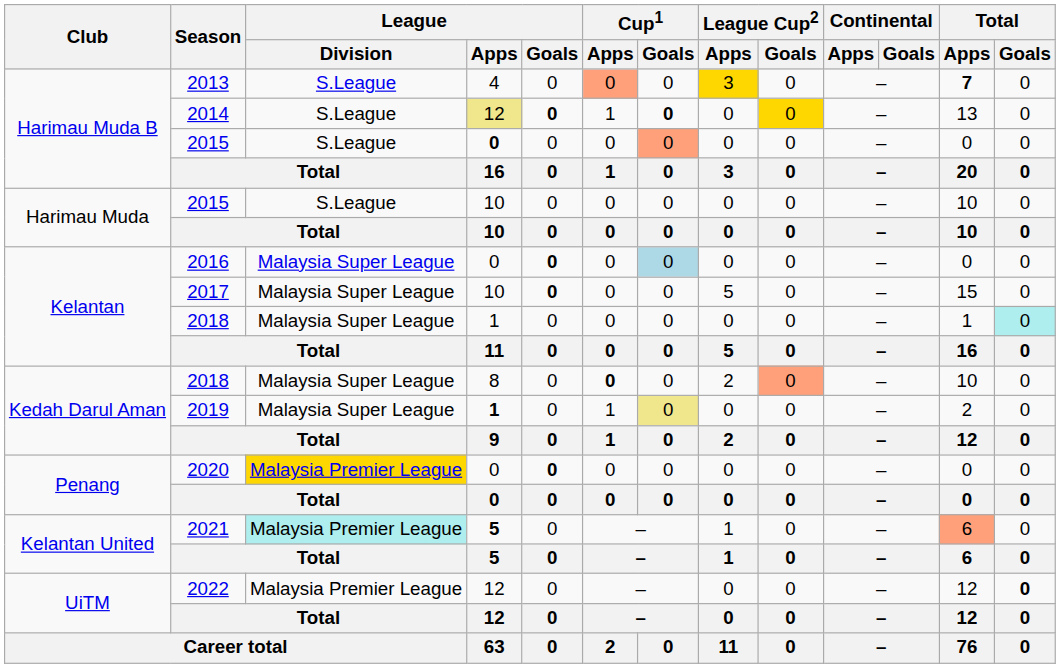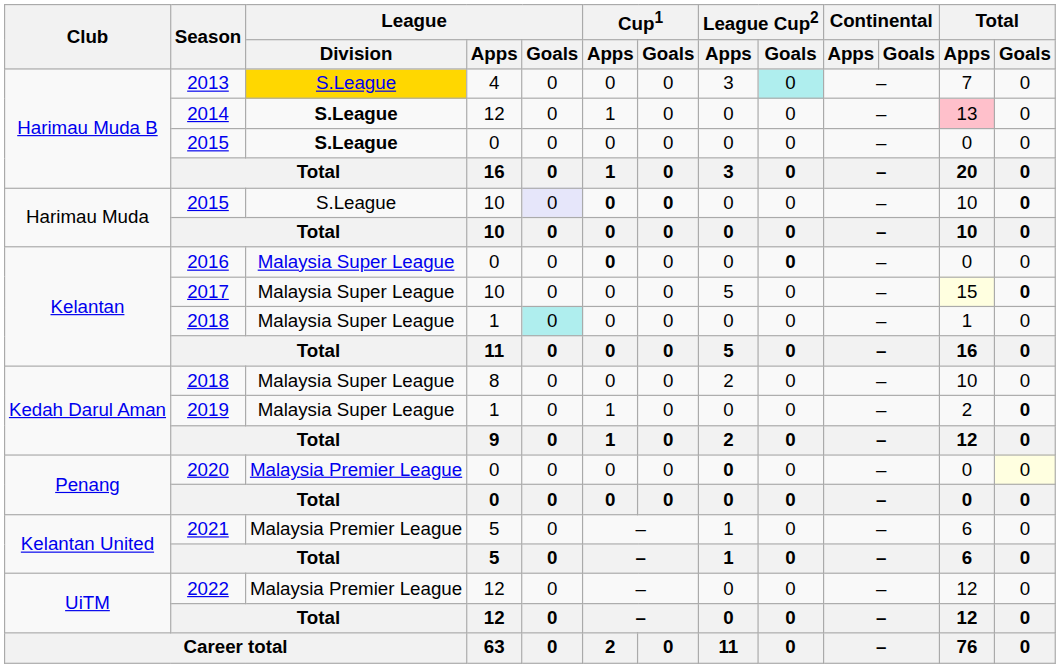 <table class="wikitable" style="text-align:center;">
 <tr>
 <th rowspan="2">Club</th>
 <th rowspan="2">Season</th>
 <th colspan="3">League</th>
 <th colspan="2">Cup<sup>1</sup></th>
 <th colspan="2">League Cup<sup>2</sup></th>
 <th colspan=2>Continental</th>
 <th colspan=2>Total</th>
 </tr>
 <tr>
 <th>Division</th>
 <th>Apps</th>
 <th>Goals</th>
 <th>Apps</th>
 <th>Goals</th>
 <th>Apps</th>
 <th>Goals</th>
 <th>Apps</th>
 <th>Goals</th>
 <th>Apps</th>
 <th>Goals</th>
 </tr>
 <tr>
 <td rowspan="4"><a href='#'>Harimau Muda B</a></td>
 <td><a href='#'>2013</a></td>
-<td><a href='#'>S.League</a></td>
+<td style="background: gold;"><a href='#'>S.League</a></td>
 <td>4</td>
 <td>0</td>
-<td style="background: lightsalmon;">0</td>
 <td>0</td>
-<td style="background: gold;">3</td>
 <td>0</td>
+<td>3</td>
+<td style="background: paleturquoise;">0</td>
 <td colspan="2">–</td>
-<td><strong>7</strong></td>
+<td>7</td>
 <td>0</td>
 </tr>
 <tr>
 <td><a href='#'>2014</a></td>
-<td>S.League</td>
-<td style="background: khaki;">12</td>
-<td><strong>0</strong></td>
+<td><strong>S.League</strong></td>
+<td>12</td>
+<td>0</td>
 <td>1</td>
-<td><strong>0</strong></td>
 <td>0</td>
-<td style="background: gold;">0</td>
+<td>0</td>
+<td>0</td>
 <td colspan="2">–</td>
-<td>13</td>
+<td style="background: pink;">13</td>
 <td>0</td>
 </tr>
 <tr>
 <td><a href='#'>2015</a></td>
-<td>S.League</td>
-<td><strong>0</strong></td>
+<td><strong>S.League</strong></td>
 <td>0</td>
 <td>0</td>
-<td style="background: lightsalmon;">0</td>
+<td>0</td>
+<td>0</td>
 <td>0</td>
 <td>0</td>
 <td colspan="2">–</td>
 <td>0</td>
 <td>0</td>
 </tr>
 <tr>
 <th colspan=2>Total</th>
 <th>16</th>
 <th>0</th>
 <th>1</th>
 <th>0</th>
 <th>3</th>
 <th>0</th>
 <th colspan="2">–</th>
 <th>20</th>
 <th>0</th>
 </tr>
 <tr>
 <td rowspan="2">Harimau Muda</td>
 <td><a href='#'>2015</a></td>
 <td>S.League</td>
 <td>10</td>
-<td>0</td>
-<td>0</td>
-<td>0</td>
+<td style="background: lavender;">0</td>
+<td><strong>0</strong></td>
+<td><strong>0</strong></td>
 <td>0</td>
 <td>0</td>
 <td colspan="2">–</td>
 <td>10</td>
-<td>0</td>
+<td><strong>0</strong></td>
 </tr>
 <tr>
 <th colspan=2>Total</th>
 <th>10</th>
 <th>0</th>
 <th>0</th>
 <th>0</th>
 <th>0</th>
 <th>0</th>
 <th colspan="2">–</th>
 <th>10</th>
 <th>0</th>
 </tr>
 <tr>
 <td rowspan="4"><a href='#'>Kelantan</a></td>
 <td><a href='#'>2016</a></td>
 <td><a href='#'>Malaysia Super League</a></td>
 <td>0</td>
+<td>0</td>
 <td><strong>0</strong></td>
 <td>0</td>
-<td style="background: lightblue;">0</td>
 <td>0</td>
-<td>0</td>
+<td><strong>0</strong></td>
 <td colspan="2">–</td>
 <td>0</td>
 <td>0</td>
 </tr>
 <tr>
 <td><a href='#'>2017</a></td>
 <td>Malaysia Super League</td>
 <td>10</td>
-<td><strong>0</strong></td>
+<td>0</td>
 <td>0</td>
 <td>0</td>
 <td>5</td>
 <td>0</td>
 <td colspan="2">–</td>
-<td>15</td>
-<td>0</td>
+<td style="background: lightyellow;">15</td>
+<td><strong>0</strong></td>
 </tr>
 <tr>
 <td><a href='#'>2018</a></td>
 <td>Malaysia Super League</td>
 <td>1</td>
-<td>0</td>
+<td style="background: paleturquoise;">0</td>
 <td>0</td>
 <td>0</td>
 <td>0</td>
 <td>0</td>
 <td colspan="2">–</td>
 <td>1</td>
-<td style="background: paleturquoise;">0</td>
+<td>0</td>
 </tr>
 <tr>
 <th colspan=2>Total</th>
 <th>11</th>
 <th>0</th>
 <th>0</th>
 <th>0</th>
 <th>5</th>
 <th>0</th>
 <th colspan="2">–</th>
 <th>16</th>
 <th>0</th>
 </tr>
 <tr>
 <td rowspan="3"><a href='#'>Kedah Darul Aman</a></td>
 <td><a href='#'>2018</a></td>
 <td>Malaysia Super League</td>
 <td>8</td>
 <td>0</td>
-<td><strong>0</strong></td>
+<td>0</td>
 <td>0</td>
 <td>2</td>
-<td style="background: lightsalmon;">0</td>
+<td>0</td>
 <td colspan="2">–</td>
 <td>10</td>
 <td>0</td>
 </tr>
 <tr>
 <td><a href='#'>2019</a></td>
 <td>Malaysia Super League</td>
-<td><strong>1</strong></td>
+<td>1</td>
 <td>0</td>
 <td>1</td>
-<td style="background: khaki;">0</td>
+<td>0</td>
 <td>0</td>
 <td>0</td>
 <td colspan="2">–</td>
 <td>2</td>
-<td>0</td>
+<td><strong>0</strong></td>
 </tr>
 <tr>
 <th colspan=2>Total</th>
 <th>9</th>
 <th>0</th>
 <th>1</th>
 <th>0</th>
 <th>2</th>
 <th>0</th>
 <th colspan="2">–</th>
 <th>12</th>
 <th>0</th>
 </tr>
 <tr>
 <td rowspan="2"><a href='#'>Penang</a></td>
 <td><a href='#'>2020</a></td>
-<td style="background: gold;"><a href='#'>Malaysia Premier League</a></td>
-<td>0</td>
-<td><strong>0</strong></td>
+<td><a href='#'>Malaysia Premier League</a></td>
 <td>0</td>
 <td>0</td>
 <td>0</td>
 <td>0</td>
+<td><strong>0</strong></td>
+<td>0</td>
 <td colspan="2">–</td>
 <td>0</td>
-<td>0</td>
+<td style="background: lightyellow;">0</td>
 </tr>
 <tr>
 <th colspan=2>Total</th>
 <th>0</th>
 <th>0</th>
 <th>0</th>
 <th>0</th>
 <th>0</th>
 <th>0</th>
 <th colspan="2">–</th>
 <th>0</th>
 <th>0</th>
 </tr>
 <tr>
 <td rowspan="2"><a href='#'>Kelantan United</a></td>
 <td><a href='#'>2021</a></td>
-<td style="background: paleturquoise;">Malaysia Premier League</td>
-<td><strong>5</strong></td>
+<td>Malaysia Premier League</td>
+<td>5</td>
 <td>0</td>
 <td colspan="2">–</td>
 <td>1</td>
 <td>0</td>
 <td colspan="2">–</td>
-<td style="background: lightsalmon;">6</td>
+<td>6</td>
 <td>0</td>
 </tr>
 <tr>
 <th colspan=2>Total</th>
 <th>5</th>
 <th>0</th>
 <th colspan="2">–</th>
 <th>1</th>
 <th>0</th>
 <th colspan="2">–</th>
 <th>6</th>
 <th>0</th>
 </tr>
 <tr>
 <td rowspan="2"><a href='#'>UiTM</a></td>
 <td><a href='#'>2022</a></td>
 <td>Malaysia Premier League</td>
 <td>12</td>
 <td>0</td>
 <td colspan="2">–</td>
 <td>0</td>
 <td>0</td>
 <td colspan="2">–</td>
 <td>12</td>
-<td><strong>0</strong></td>
+<td>0</td>
 </tr>
 <tr>
 <th colspan=2>Total</th>
 <th>12</th>
 <th>0</th>
 <th colspan="2">–</th>
 <th>0</th>
 <th>0</th>
 <th colspan="2">–</th>
 <th>12</th>
 <th>0</th>
 </tr>
 <tr>
 <th colspan=3>Career total</th>
 <th>63</th>
 <th>0</th>
 <th>2</th>
 <th>0</th>
 <th>11</th>
 <th>0</th>
 <th colspan="2">–</th>
 <th>76</th>
 <th>0</th>
 </tr>
 </table>
